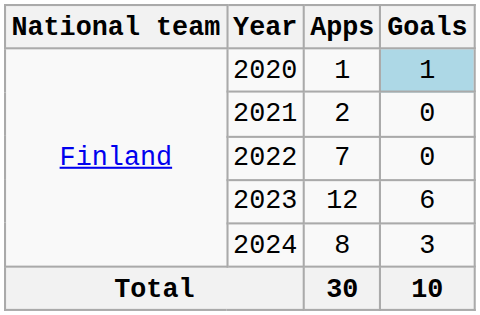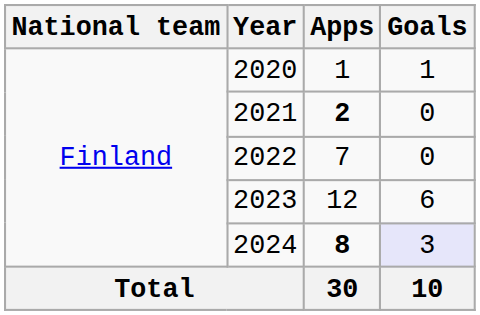 <table class="wikitable" style="text-align:center">
 <tr>
 <th>National team</th>
 <th>Year</th>
 <th>Apps</th>
 <th>Goals</th>
 </tr>
 <tr>
 <td rowspan="5"><a href='#'>Finland</a></td>
 <td>2020</td>
 <td>1</td>
-<td style="background: lightblue;">1</td>
+<td>1</td>
 </tr>
 <tr>
 <td>2021</td>
-<td>2</td>
+<td><strong>2</strong></td>
 <td>0</td>
 </tr>
 <tr>
 <td>2022</td>
 <td>7</td>
 <td>0</td>
 </tr>
 <tr>
 <td>2023</td>
 <td>12</td>
 <td>6</td>
 </tr>
 <tr>
 <td>2024</td>
-<td>8</td>
-<td>3</td>
+<td><strong>8</strong></td>
+<td style="background: lavender;">3</td>
 </tr>
 <tr>
 <th colspan="2">Total</th>
 <th>30</th>
 <th>10</th>
 </tr>
 </table>
